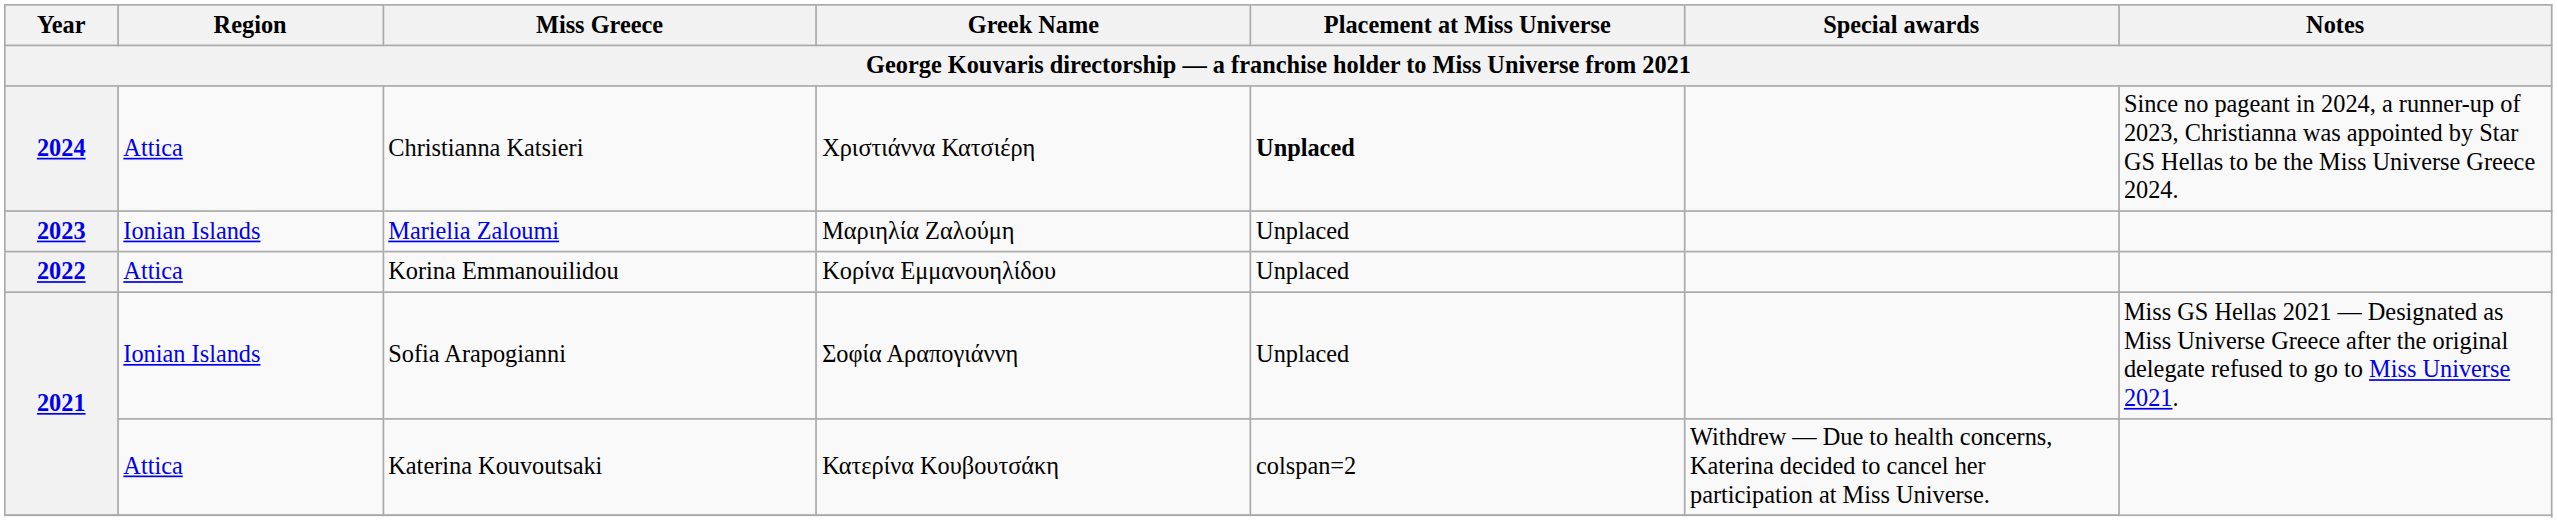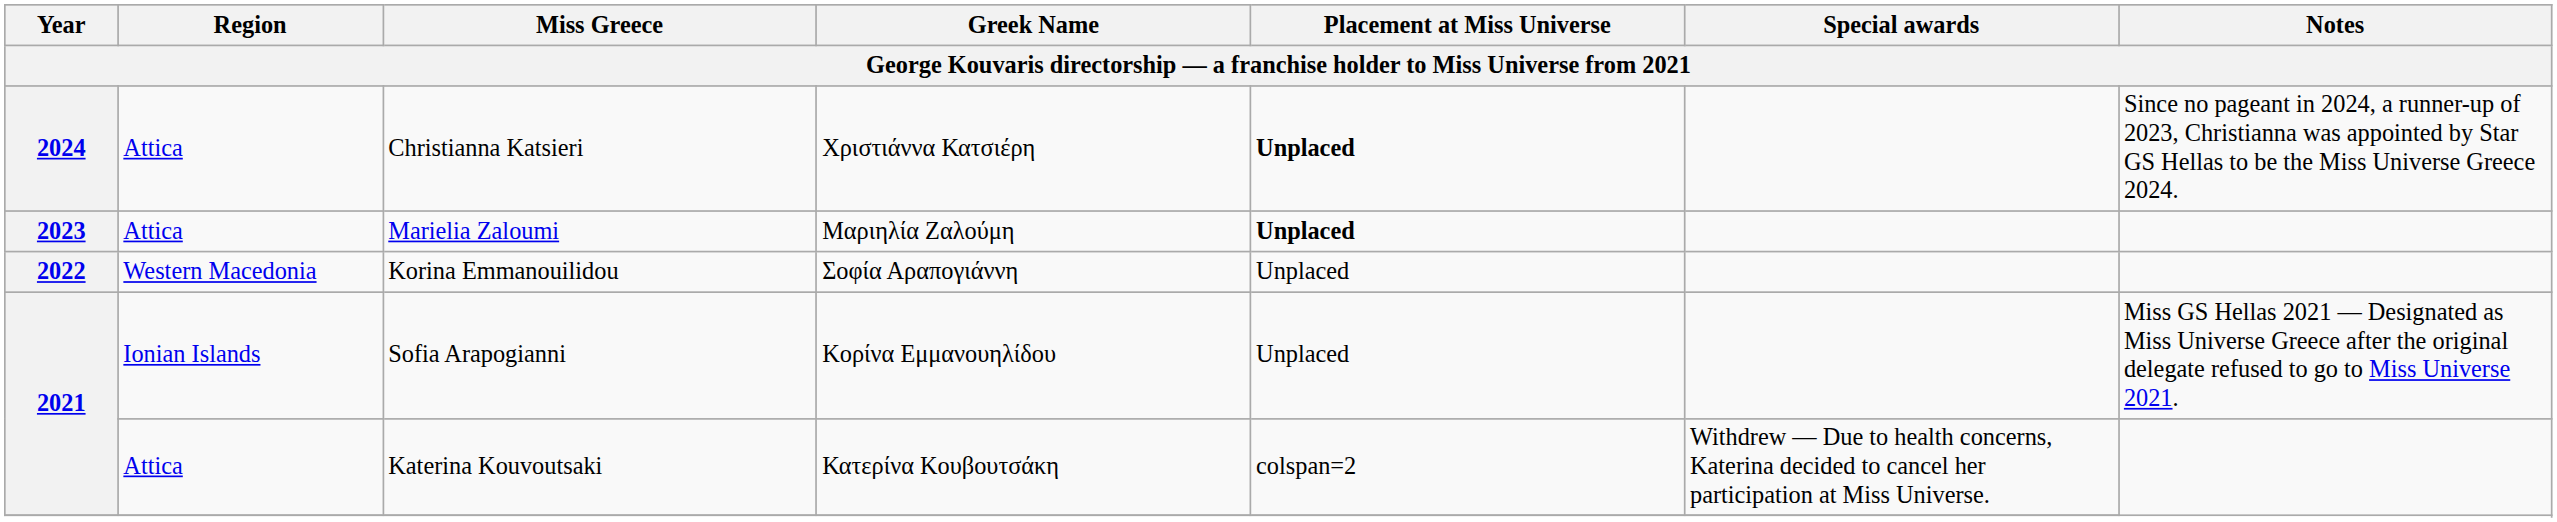 <table class="wikitable " style="font-size: 90%;">
 <tr>
 <th width="60">Year</th>
 <th width="150">Region</th>
 <th width="250">Miss Greece</th>
 <th width="250">Greek Name</th>
 <th width="250">Placement at Miss Universe</th>
 <th width="250">Special awards</th>
 <th width="250">Notes</th>
 </tr>
 <tr>
 <th colspan="7">George Kouvaris directorship — a franchise holder to Miss Universe from 2021</th>
 </tr>
 <tr>
 <th><a href='#'>2024</a></th>
 <td><a href='#'>Attica</a></td>
 <td>Christianna Katsieri</td>
 <td>Χριστιάννα Κατσιέρη</td>
 <td><strong>Unplaced</strong></td>
 <td></td>
 <td>Since no pageant in 2024, a runner-up of 2023, Christianna was appointed by Star GS Hellas to be the Miss Universe Greece 2024.</td>
 </tr>
 <tr>
 <th><a href='#'>2023</a></th>
-<td><a href='#'>Ionian Islands</a></td>
+<td><a href='#'>Attica</a></td>
 <td><a href='#'>Marielia Zaloumi</a></td>
 <td>Μαριηλία Ζαλούμη</td>
-<td>Unplaced</td>
+<td><strong>Unplaced</strong></td>
 <td></td>
 <td></td>
 </tr>
 <tr>
 <th><a href='#'>2022</a></th>
-<td><a href='#'>Attica</a></td>
+<td><a href='#'>Western Macedonia</a></td>
 <td>Korina Emmanouilidou</td>
-<td>Κορίνα Εμμανουηλίδου</td>
+<td>Σοφία Αραπογιάννη</td>
 <td>Unplaced</td>
 <td></td>
 <td></td>
 </tr>
 <tr>
 <th rowspan=2><a href='#'>2021</a></th>
 <td><a href='#'>Ionian Islands</a></td>
 <td>Sofia Arapogianni</td>
-<td>Σοφία Αραπογιάννη</td>
+<td>Κορίνα Εμμανουηλίδου</td>
 <td>Unplaced</td>
 <td></td>
 <td>Miss GS Hellas 2021 — Designated as Miss Universe Greece after the original delegate refused to go to <a href='#'>Miss Universe 2021</a>.</td>
 </tr>
 <tr>
 <td><a href='#'>Attica</a></td>
 <td>Katerina Kouvoutsaki</td>
 <td>Κατερίνα Κουβουτσάκη</td>
 <td>colspan=2 </td>
 <td>Withdrew — Due to health concerns, Katerina decided to cancel her participation at Miss Universe.</td>
 </tr>
 <tr>
 </tr>
 </table>
